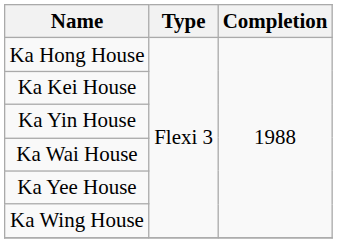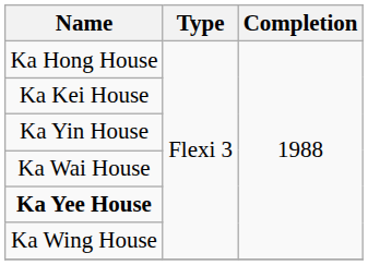 <table class="wikitable" style="text-align: center">
 <tr>
 <th>Name</th>
 <th>Type</th>
 <th>Completion</th>
 </tr>
 <tr>
 <td>Ka Hong House</td>
 <td rowspan="6">Flexi 3</td>
 <td rowspan="6">1988</td>
 </tr>
 <tr>
 <td>Ka Kei House</td>
 </tr>
 <tr>
 <td>Ka Yin House</td>
 </tr>
 <tr>
 <td>Ka Wai House</td>
 </tr>
 <tr>
-<td>Ka Yee House</td>
+<td><strong>Ka Yee House</strong></td>
 </tr>
 <tr>
 <td>Ka Wing House</td>
 </tr>
 <tr>
 </tr>
 </table>
